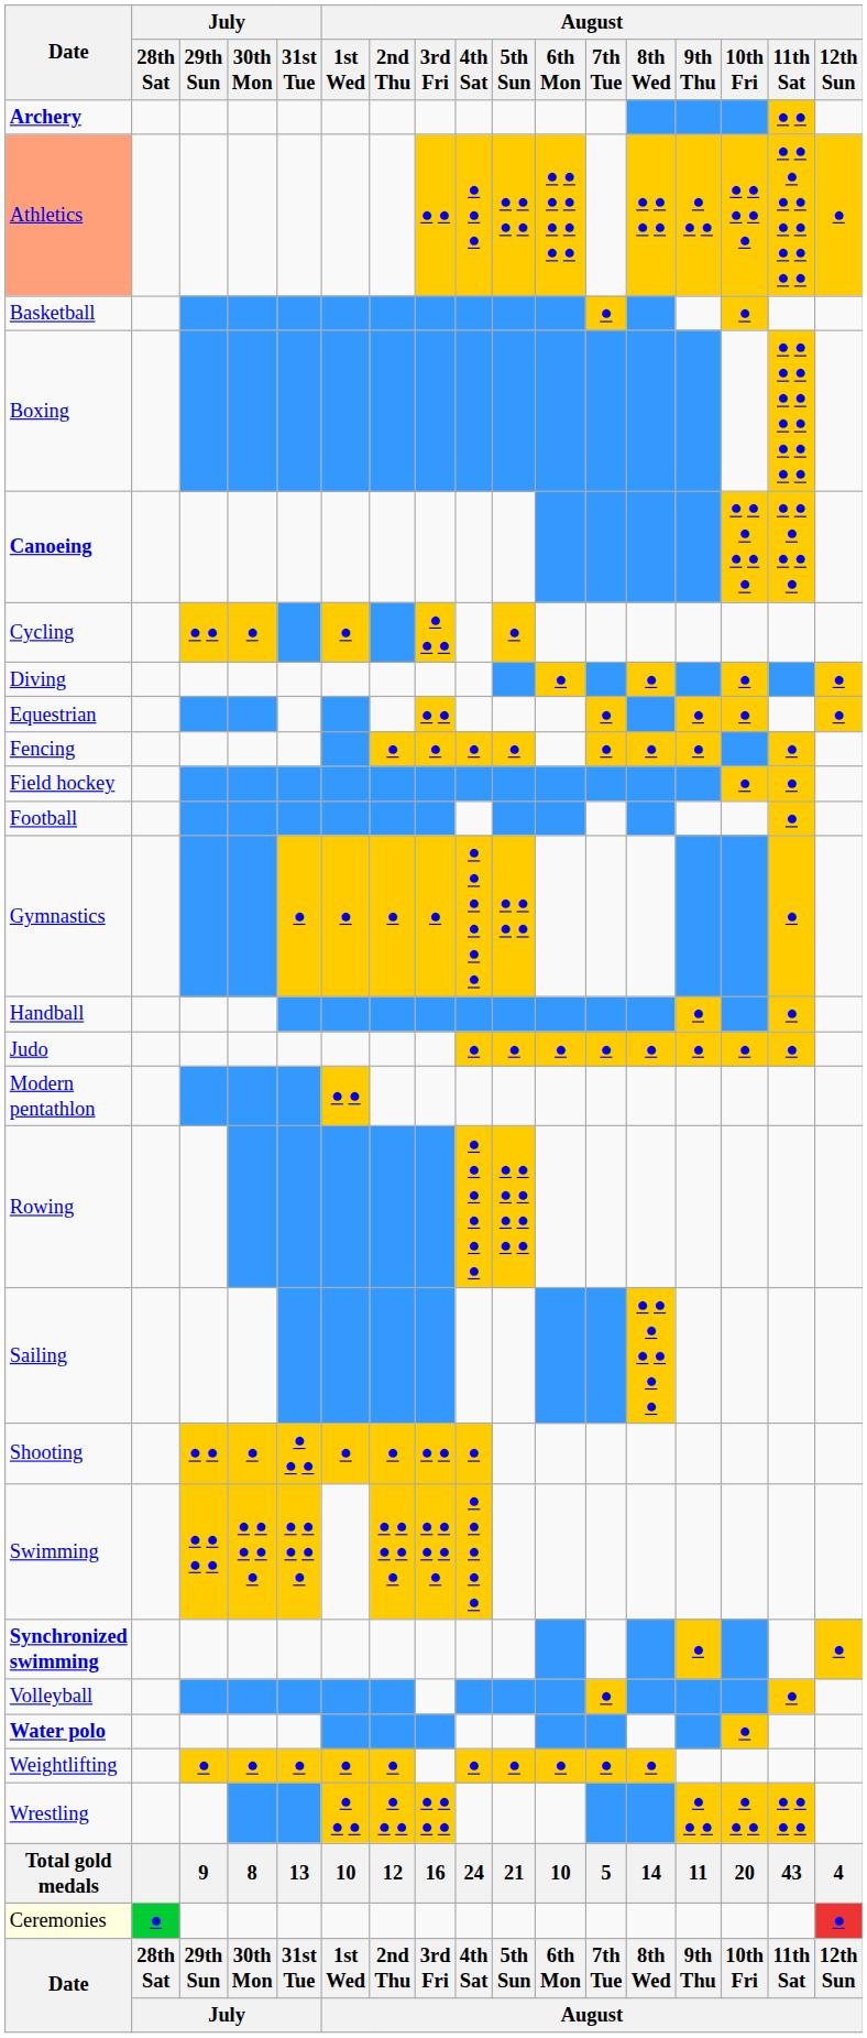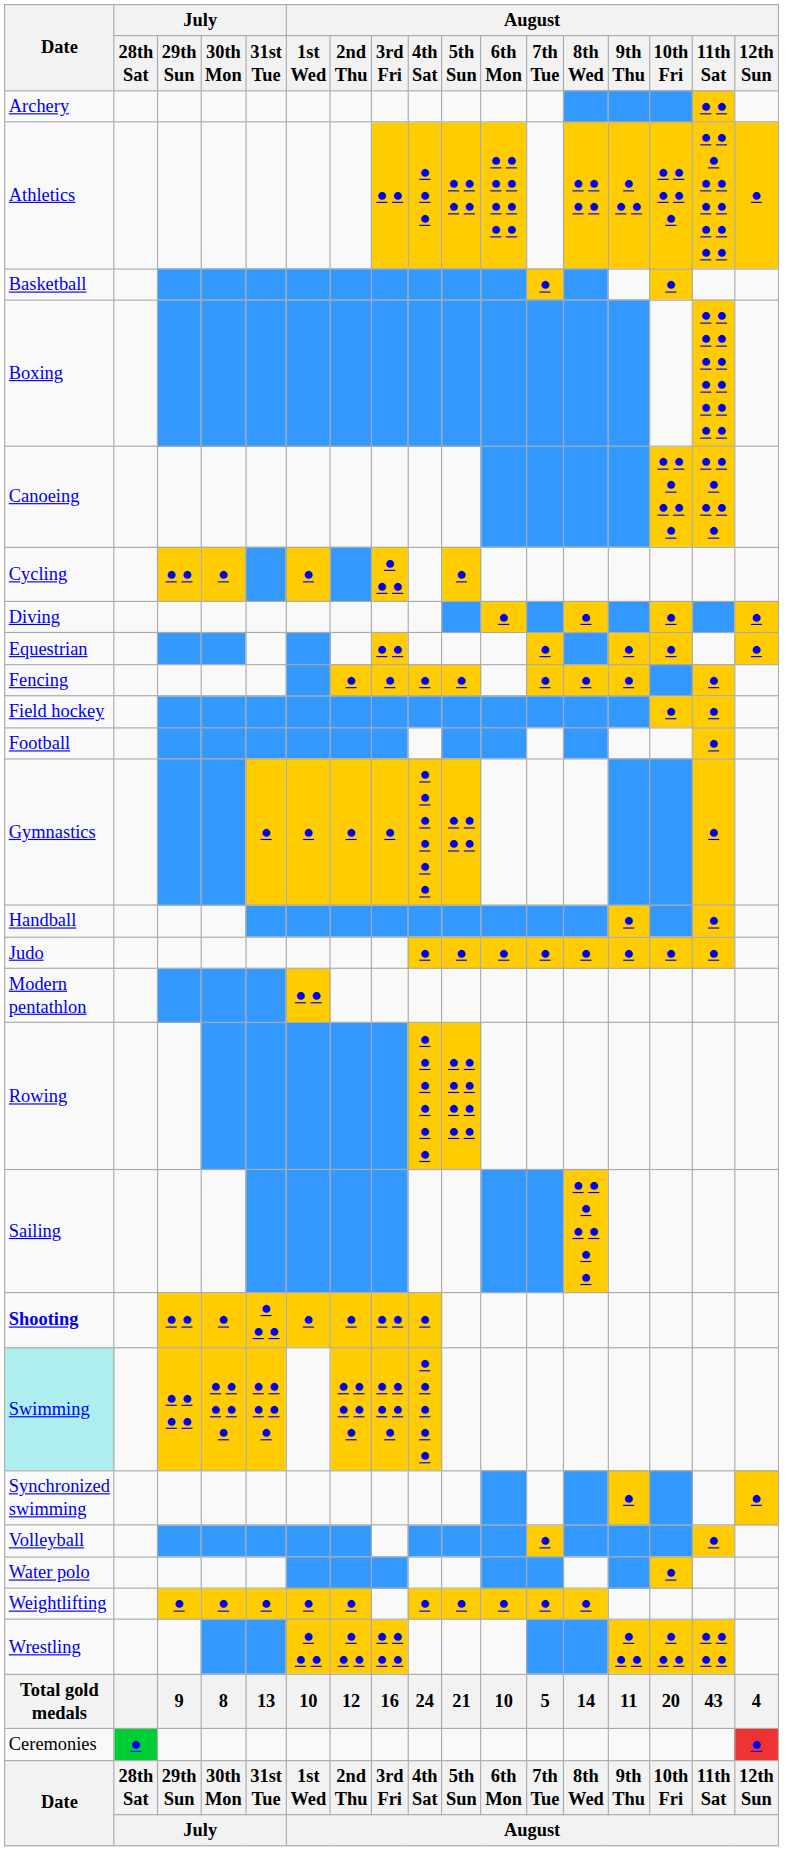 <table class="wikitable" style="margin:0.5em auto; line-height:1.25em;">
 <tr>
 <th rowspan=2>Date</th>
 <th colspan=4>July</th>
 <th colspan=12>August</th>
 </tr>
 <tr>
 <th>28th<br>Sat</th>
 <th>29th<br>Sun</th>
 <th>30th<br>Mon</th>
 <th>31st<br>Tue</th>
 <th>1st<br>Wed</th>
 <th>2nd<br>Thu</th>
 <th>3rd<br>Fri</th>
 <th>4th<br>Sat</th>
 <th>5th<br>Sun</th>
 <th>6th<br>Mon</th>
 <th>7th<br>Tue</th>
 <th>8th<br>Wed</th>
 <th>9th<br>Thu</th>
 <th>10th<br>Fri</th>
 <th>11th<br>Sat</th>
 <th>12th<br>Sun</th>
 </tr>
 <tr align="center">
-<td align="left"><strong><a href='#'>Archery</a></strong></td>
+<td align="left"><a href='#'>Archery</a></td>
 <td></td>
 <td></td>
 <td></td>
 <td></td>
 <td></td>
 <td></td>
 <td></td>
 <td></td>
 <td></td>
 <td></td>
 <td></td>
 <td bgcolor=#3399ff></td>
 <td bgcolor=#3399ff></td>
 <td bgcolor=#3399ff></td>
 <td bgcolor=#ffcc00><a href='#'>●</a> <a href='#'>●</a></td>
 <td></td>
 </tr>
 <tr align="center">
-<td align="left" style="background: lightsalmon;"><a href='#'>Athletics</a></td>
+<td align="left"><a href='#'>Athletics</a></td>
 <td></td>
 <td></td>
 <td></td>
 <td></td>
 <td></td>
 <td></td>
 <td bgcolor=#ffcc00><a href='#'>●</a> <a href='#'>●</a></td>
 <td bgcolor=#ffcc00><span><a href='#'>●</a><br><a href='#'>●</a> <a href='#'>●</a></span></td>
 <td bgcolor=#ffcc00><span><a href='#'>●</a> <a href='#'>●</a> <br> <a href='#'>●</a> <a href='#'>●</a></span></td>
 <td bgcolor=#ffcc00><span><a href='#'>●</a> <a href='#'>●</a> <a href='#'>●</a> <a href='#'>●</a> <br><a href='#'>●</a> <a href='#'>●</a> <a href='#'>●</a> <a href='#'>●</a></span></td>
 <td></td>
 <td bgcolor=#ffcc00><span><a href='#'>●</a> <a href='#'>●</a><br><a href='#'>●</a> <a href='#'>●</a></span></td>
 <td bgcolor=#ffcc00><span><a href='#'>●</a><br><a href='#'>●</a> <a href='#'>●</a></span></td>
 <td bgcolor=#ffcc00><span><a href='#'>●</a> <a href='#'>●</a><br><a href='#'>●</a> <a href='#'>●</a> <a href='#'>●</a></span></td>
 <td bgcolor=#ffcc00><span><a href='#'>●</a> <a href='#'>●</a> <a href='#'>●</a><br><a href='#'>●</a> <a href='#'>●</a> <a href='#'>●</a> <a href='#'>●</a><br><a href='#'>●</a> <a href='#'>●</a> <a href='#'>●</a> <a href='#'>●</a></span></td>
 <td bgcolor=#ffcc00><a href='#'>●</a></td>
 </tr>
 <tr align="center">
 <td align="left"><a href='#'>Basketball</a></td>
 <td></td>
 <td bgcolor=#3399ff></td>
 <td bgcolor=#3399ff></td>
 <td bgcolor=#3399ff></td>
 <td bgcolor=#3399ff></td>
 <td bgcolor=#3399ff></td>
 <td bgcolor=#3399ff></td>
 <td bgcolor=#3399ff></td>
 <td bgcolor=#3399ff></td>
 <td bgcolor=#3399ff></td>
 <td bgcolor=#ffcc00><a href='#'>●</a></td>
 <td bgcolor=#3399ff></td>
 <td></td>
 <td bgcolor=#ffcc00><a href='#'>●</a></td>
 <td></td>
 <td></td>
 </tr>
 <tr align="center">
 <td align="left"><a href='#'>Boxing</a></td>
 <td></td>
 <td bgcolor=#3399ff></td>
 <td bgcolor=#3399ff></td>
 <td bgcolor=#3399ff></td>
 <td bgcolor=#3399ff></td>
 <td bgcolor=#3399ff></td>
 <td bgcolor=#3399ff></td>
 <td bgcolor=#3399ff></td>
 <td bgcolor=#3399ff></td>
 <td bgcolor=#3399ff></td>
 <td bgcolor=#3399ff></td>
 <td bgcolor=#3399ff></td>
 <td bgcolor=#3399ff></td>
 <td></td>
 <td bgcolor=#ffcc00><span><a href='#'>●</a> <a href='#'>●</a> <a href='#'>●</a> <a href='#'>●</a><br><a href='#'>●</a> <a href='#'>●</a> <a href='#'>●</a> <a href='#'>●</a><br><a href='#'>●</a> <a href='#'>●</a> <a href='#'>●</a> <a href='#'>●</a></span></td>
 <td></td>
 </tr>
 <tr align="center">
-<td align="left"><strong><a href='#'>Canoeing</a></strong></td>
+<td align="left"><a href='#'>Canoeing</a></td>
 <td></td>
 <td></td>
 <td></td>
 <td></td>
 <td></td>
 <td></td>
 <td></td>
 <td></td>
 <td></td>
 <td bgcolor=#3399ff></td>
 <td bgcolor=#3399ff></td>
 <td bgcolor=#3399ff></td>
 <td bgcolor=#3399ff></td>
 <td bgcolor=#ffcc00><span><a href='#'>●</a> <a href='#'>●</a> <a href='#'>●</a><br><a href='#'>●</a> <a href='#'>●</a> <a href='#'>●</a></span></td>
 <td bgcolor=#ffcc00><span><a href='#'>●</a> <a href='#'>●</a> <a href='#'>●</a><br><a href='#'>●</a> <a href='#'>●</a> <a href='#'>●</a></span></td>
 <td></td>
 </tr>
 <tr align="center">
 <td align="left"><a href='#'>Cycling</a></td>
 <td></td>
 <td bgcolor=#ffcc00><a href='#'>●</a> <a href='#'>●</a></td>
 <td bgcolor=#ffcc00><a href='#'>●</a></td>
 <td bgcolor=#3399ff></td>
 <td bgcolor=#ffcc00><a href='#'>●</a></td>
 <td bgcolor=#3399ff></td>
 <td bgcolor=#ffcc00><span><a href='#'>●</a><br><a href='#'>●</a> <a href='#'>●</a></span></td>
 <td></td>
 <td bgcolor=#ffcc00><a href='#'>●</a></td>
 <td></td>
 <td></td>
 <td></td>
 <td></td>
 <td></td>
 <td></td>
 <td></td>
 </tr>
 <tr align="center">
 <td align="left"><a href='#'>Diving</a></td>
 <td></td>
 <td></td>
 <td></td>
 <td></td>
 <td></td>
 <td></td>
 <td></td>
 <td></td>
 <td bgcolor=#3399ff></td>
 <td bgcolor=#ffcc00><a href='#'>●</a></td>
 <td bgcolor=#3399ff></td>
 <td bgcolor=#ffcc00><a href='#'>●</a></td>
 <td bgcolor=#3399ff></td>
 <td bgcolor=#ffcc00><a href='#'>●</a></td>
 <td bgcolor=#3399ff></td>
 <td bgcolor=#ffcc00><a href='#'>●</a></td>
 </tr>
 <tr align="center">
 <td align="left"><a href='#'>Equestrian</a></td>
 <td></td>
 <td bgcolor=#3399ff></td>
 <td bgcolor=#3399ff></td>
 <td></td>
 <td bgcolor=#3399ff></td>
 <td></td>
 <td bgcolor=#ffcc00><a href='#'>●</a> <a href='#'>●</a></td>
 <td></td>
 <td></td>
 <td></td>
 <td bgcolor=#ffcc00><a href='#'>●</a></td>
 <td bgcolor=#3399ff></td>
 <td bgcolor=#ffcc00><a href='#'>●</a></td>
 <td bgcolor=#ffcc00><a href='#'>●</a></td>
 <td></td>
 <td bgcolor=#ffcc00><a href='#'>●</a></td>
 </tr>
 <tr align="center">
 <td align="left"><a href='#'>Fencing</a></td>
 <td></td>
 <td></td>
 <td></td>
 <td></td>
 <td bgcolor=#3399ff></td>
 <td bgcolor=#ffcc00><a href='#'>●</a></td>
 <td bgcolor=#ffcc00><a href='#'>●</a></td>
 <td bgcolor=#ffcc00><a href='#'>●</a></td>
 <td bgcolor=#ffcc00><a href='#'>●</a></td>
 <td></td>
 <td bgcolor=#ffcc00><a href='#'>●</a></td>
 <td bgcolor=#ffcc00><a href='#'>●</a></td>
 <td bgcolor=#ffcc00><a href='#'>●</a></td>
 <td bgcolor=#3399ff></td>
 <td bgcolor=#ffcc00><a href='#'>●</a></td>
 <td></td>
 </tr>
 <tr align="center">
 <td align="left"><a href='#'>Field hockey</a></td>
 <td></td>
 <td bgcolor=#3399ff></td>
 <td bgcolor=#3399ff></td>
 <td bgcolor=#3399ff></td>
 <td bgcolor=#3399ff></td>
 <td bgcolor=#3399ff></td>
 <td bgcolor=#3399ff></td>
 <td bgcolor=#3399ff></td>
 <td bgcolor=#3399ff></td>
 <td bgcolor=#3399ff></td>
 <td bgcolor=#3399ff></td>
 <td bgcolor=#3399ff></td>
 <td bgcolor=#3399ff></td>
 <td bgcolor=#ffcc00><a href='#'>●</a></td>
 <td bgcolor=#ffcc00><a href='#'>●</a></td>
 <td></td>
 </tr>
 <tr align="center">
 <td align="left"><a href='#'>Football</a></td>
 <td></td>
 <td bgcolor=#3399ff></td>
 <td bgcolor=#3399ff></td>
 <td bgcolor=#3399ff></td>
 <td bgcolor=#3399ff></td>
 <td bgcolor=#3399ff></td>
 <td bgcolor=#3399ff></td>
 <td></td>
 <td bgcolor=#3399ff></td>
 <td bgcolor=#3399ff></td>
 <td></td>
 <td bgcolor=#3399ff></td>
 <td></td>
 <td></td>
 <td bgcolor=#ffcc00><a href='#'>●</a></td>
 <td></td>
 </tr>
 <tr align="center">
 <td align="left"><a href='#'>Gymnastics</a></td>
 <td></td>
 <td bgcolor=#3399ff></td>
 <td bgcolor=#3399ff></td>
 <td bgcolor=#ffcc00><a href='#'>●</a></td>
 <td bgcolor=#ffcc00><a href='#'>●</a></td>
 <td bgcolor=#ffcc00><a href='#'>●</a></td>
 <td bgcolor=#ffcc00><a href='#'>●</a></td>
 <td bgcolor=#ffcc00><span><a href='#'>●</a> <a href='#'>●</a> <a href='#'>●</a><br><a href='#'>●</a> <a href='#'>●</a> <a href='#'>●</a></span></td>
 <td bgcolor=#ffcc00><span><a href='#'>●</a> <a href='#'>●</a><br><a href='#'>●</a> <a href='#'>●</a></span></td>
 <td></td>
 <td></td>
 <td></td>
 <td bgcolor=#3399ff></td>
 <td bgcolor=#3399ff></td>
 <td bgcolor=#ffcc00><a href='#'>●</a></td>
 <td></td>
 </tr>
 <tr align="center">
 <td align="left"><a href='#'>Handball</a></td>
 <td></td>
 <td></td>
 <td></td>
 <td bgcolor=#3399ff></td>
 <td bgcolor=#3399ff></td>
 <td bgcolor=#3399ff></td>
 <td bgcolor=#3399ff></td>
 <td bgcolor=#3399ff></td>
 <td bgcolor=#3399ff></td>
 <td bgcolor=#3399ff></td>
 <td bgcolor=#3399ff></td>
 <td bgcolor=#3399ff></td>
 <td bgcolor=#ffcc00><a href='#'>●</a></td>
 <td bgcolor=#3399ff></td>
 <td bgcolor=#ffcc00><a href='#'>●</a></td>
 <td></td>
 </tr>
 <tr align="center">
 <td align="left"><a href='#'>Judo</a></td>
 <td></td>
 <td></td>
 <td></td>
 <td></td>
 <td></td>
 <td></td>
 <td></td>
 <td bgcolor=#ffcc00><a href='#'>●</a></td>
 <td bgcolor=#ffcc00><a href='#'>●</a></td>
 <td bgcolor=#ffcc00><a href='#'>●</a></td>
 <td bgcolor=#ffcc00><a href='#'>●</a></td>
 <td bgcolor=#ffcc00><a href='#'>●</a></td>
 <td bgcolor=#ffcc00><a href='#'>●</a></td>
 <td bgcolor=#ffcc00><a href='#'>●</a></td>
 <td bgcolor=#ffcc00><a href='#'>●</a></td>
 <td></td>
 </tr>
 <tr align="center">
 <td align="left"><a href='#'>Modern pentathlon</a></td>
 <td></td>
 <td bgcolor=#3399ff></td>
 <td bgcolor=#3399ff></td>
 <td bgcolor=#3399ff></td>
 <td bgcolor=#ffcc00><a href='#'>●</a> <a href='#'>●</a></td>
 <td></td>
 <td></td>
 <td></td>
 <td></td>
 <td></td>
 <td></td>
 <td></td>
 <td></td>
 <td></td>
 <td></td>
 <td></td>
 </tr>
 <tr align="center">
 <td align="left"><a href='#'>Rowing</a></td>
 <td></td>
 <td></td>
 <td bgcolor=#3399ff></td>
 <td bgcolor=#3399ff></td>
 <td bgcolor=#3399ff></td>
 <td bgcolor=#3399ff></td>
 <td bgcolor=#3399ff></td>
 <td bgcolor=#ffcc00><span><a href='#'>●</a> <a href='#'>●</a> <a href='#'>●</a><br><a href='#'>●</a> <a href='#'>●</a> <a href='#'>●</a></span></td>
 <td bgcolor=#ffcc00><span><a href='#'>●</a> <a href='#'>●</a> <a href='#'>●</a> <a href='#'>●</a><br><a href='#'>●</a> <a href='#'>●</a> <a href='#'>●</a> <a href='#'>●</a></span></td>
 <td></td>
 <td></td>
 <td></td>
 <td></td>
 <td></td>
 <td></td>
 <td></td>
 </tr>
 <tr align="center">
 <td align="left"><a href='#'>Sailing</a></td>
 <td></td>
 <td></td>
 <td></td>
 <td bgcolor=#3399ff></td>
 <td bgcolor=#3399ff></td>
 <td bgcolor=#3399ff></td>
 <td bgcolor=#3399ff></td>
 <td></td>
 <td></td>
 <td bgcolor=#3399ff></td>
 <td bgcolor=#3399ff></td>
 <td bgcolor=#ffcc00><span><a href='#'>●</a> <a href='#'>●</a> <a href='#'>●</a><br><a href='#'>●</a> <a href='#'>●</a> <a href='#'>●</a><br><a href='#'>●</a></span></td>
 <td></td>
 <td></td>
 <td></td>
 <td></td>
 </tr>
 <tr align="center">
-<td align="left"><a href='#'>Shooting</a></td>
+<td align="left"><strong><a href='#'>Shooting</a></strong></td>
 <td></td>
 <td bgcolor=#ffcc00><a href='#'>●</a> <a href='#'>●</a></td>
 <td bgcolor=#ffcc00><a href='#'>●</a></td>
 <td bgcolor=#ffcc00><span><a href='#'>●</a><br><a href='#'>●</a> <a href='#'>●</a></span></td>
 <td bgcolor=#ffcc00><a href='#'>●</a></td>
 <td bgcolor=#ffcc00><a href='#'>●</a></td>
 <td bgcolor=#ffcc00><a href='#'>●</a> <a href='#'>●</a></td>
 <td bgcolor=#ffcc00><a href='#'>●</a></td>
 <td></td>
 <td></td>
 <td></td>
 <td></td>
 <td></td>
 <td></td>
 <td></td>
 <td></td>
 </tr>
 <tr align="center">
-<td align="left"><a href='#'>Swimming</a></td>
+<td align="left" style="background: paleturquoise;"><a href='#'>Swimming</a></td>
 <td></td>
 <td bgcolor=#ffcc00><span><a href='#'>●</a> <a href='#'>●</a><br><a href='#'>●</a> <a href='#'>●</a></span></td>
 <td bgcolor=#ffcc00><span><a href='#'>●</a> <a href='#'>●</a><br><a href='#'>●</a> <a href='#'>●</a> <a href='#'>●</a></span></td>
 <td bgcolor=#ffcc00><span><a href='#'>●</a> <a href='#'>●</a><br><a href='#'>●</a> <a href='#'>●</a> <a href='#'>●</a></span></td>
 <td></td>
 <td bgcolor=#ffcc00><span><a href='#'>●</a> <a href='#'>●</a><br><a href='#'>●</a> <a href='#'>●</a> <a href='#'>●</a></span></td>
 <td bgcolor=#ffcc00><span><a href='#'>●</a> <a href='#'>●</a><br><a href='#'>●</a> <a href='#'>●</a> <a href='#'>●</a></span></td>
 <td bgcolor=#ffcc00><span><a href='#'>●</a> <a href='#'>●</a><br><a href='#'>●</a> <a href='#'>●</a> <a href='#'>●</a></span></td>
 <td></td>
 <td></td>
 <td></td>
 <td></td>
 <td></td>
 <td></td>
 <td></td>
 <td></td>
 </tr>
 <tr align="center">
-<td align="left"><strong><a href='#'>Synchronized swimming</a></strong></td>
+<td align="left"><a href='#'>Synchronized swimming</a></td>
 <td></td>
 <td></td>
 <td></td>
 <td></td>
 <td></td>
 <td></td>
 <td></td>
 <td></td>
 <td></td>
 <td bgcolor=#3399ff></td>
 <td></td>
 <td bgcolor=#3399ff></td>
 <td bgcolor=#ffcc00><a href='#'>●</a></td>
 <td bgcolor=#3399ff></td>
 <td></td>
 <td bgcolor=#ffcc00><a href='#'>●</a></td>
 </tr>
 <tr align="center">
 <td align="left"><a href='#'>Volleyball</a></td>
 <td></td>
 <td bgcolor=#3399ff></td>
 <td bgcolor=#3399ff></td>
 <td bgcolor=#3399ff></td>
 <td bgcolor=#3399ff></td>
 <td bgcolor=#3399ff></td>
 <td></td>
 <td bgcolor=#3399ff></td>
 <td bgcolor=#3399ff></td>
 <td bgcolor=#3399ff></td>
 <td bgcolor=#ffcc00><a href='#'>●</a></td>
 <td bgcolor=#3399ff></td>
 <td bgcolor=#3399ff></td>
 <td bgcolor=#3399ff></td>
 <td bgcolor=#ffcc00><a href='#'>●</a></td>
 <td></td>
 </tr>
 <tr align="center">
-<td align="left"><strong><a href='#'>Water polo</a></strong></td>
+<td align="left"><a href='#'>Water polo</a></td>
 <td></td>
 <td></td>
 <td></td>
 <td></td>
 <td bgcolor=#3399ff></td>
 <td bgcolor=#3399ff></td>
 <td bgcolor=#3399ff></td>
 <td></td>
 <td></td>
 <td bgcolor=#3399ff></td>
 <td bgcolor=#3399ff></td>
 <td></td>
 <td bgcolor=#3399ff></td>
 <td bgcolor=#ffcc00><a href='#'>●</a></td>
 <td></td>
 <td></td>
 </tr>
 <tr align="center">
 <td align="left"><a href='#'>Weightlifting</a></td>
 <td></td>
 <td bgcolor=#ffcc00><a href='#'>●</a></td>
 <td bgcolor=#ffcc00><a href='#'>●</a></td>
 <td bgcolor=#ffcc00><a href='#'>●</a></td>
 <td bgcolor=#ffcc00><a href='#'>●</a></td>
 <td bgcolor=#ffcc00><a href='#'>●</a></td>
 <td></td>
 <td bgcolor=#ffcc00><a href='#'>●</a></td>
 <td bgcolor=#ffcc00><a href='#'>●</a></td>
 <td bgcolor=#ffcc00><a href='#'>●</a></td>
 <td bgcolor=#ffcc00><a href='#'>●</a></td>
 <td bgcolor=#ffcc00><a href='#'>●</a></td>
 <td></td>
 <td></td>
 <td></td>
 <td></td>
 </tr>
 <tr align="center">
 <td align="left"><a href='#'>Wrestling</a></td>
 <td></td>
 <td></td>
 <td bgcolor=#3399ff></td>
 <td bgcolor=#3399ff></td>
 <td bgcolor=#ffcc00><span><a href='#'>●</a><br><a href='#'>●</a> <a href='#'>●</a></span></td>
 <td bgcolor=#ffcc00><span><a href='#'>●</a><br><a href='#'>●</a> <a href='#'>●</a></span></td>
 <td bgcolor=#ffcc00><span><a href='#'>●</a> <a href='#'>●</a><br><a href='#'>●</a> <a href='#'>●</a></span></td>
 <td></td>
 <td></td>
 <td></td>
 <td bgcolor=#3399ff></td>
 <td bgcolor=#3399ff></td>
 <td bgcolor=#ffcc00><span><a href='#'>●</a><br><a href='#'>●</a> <a href='#'>●</a></span></td>
 <td bgcolor=#ffcc00><span><a href='#'>●</a><br><a href='#'>●</a> <a href='#'>●</a></span></td>
 <td bgcolor=#ffcc00><span><a href='#'>●</a> <a href='#'>●</a><br><a href='#'>●</a> <a href='#'>●</a></span></td>
 <td></td>
 </tr>
 <tr>
 <th>Total gold medals</th>
 <th></th>
 <th>9</th>
 <th>8</th>
 <th>13</th>
 <th>10</th>
 <th>12</th>
 <th>16</th>
 <th>24</th>
 <th>21</th>
 <th>10</th>
 <th>5</th>
 <th>14</th>
 <th>11</th>
 <th>20</th>
 <th>43</th>
 <th>4</th>
 </tr>
 <tr>
-<td style="background: lightyellow;">Ceremonies</td>
+<td>Ceremonies</td>
 <td bgcolor=#00cc33 align=center><a href='#'>●</a></td>
 <td></td>
 <td></td>
 <td></td>
 <td></td>
 <td></td>
 <td></td>
 <td></td>
 <td></td>
 <td></td>
 <td></td>
 <td></td>
 <td></td>
 <td></td>
 <td></td>
 <td bgcolor=#ee3333 align=center><a href='#'>●</a></td>
 </tr>
 <tr>
 <th rowspan=2>Date</th>
 <th>28th<br>Sat</th>
 <th>29th<br>Sun</th>
 <th>30th<br>Mon</th>
 <th>31st<br>Tue</th>
 <th>1st<br>Wed</th>
 <th>2nd<br>Thu</th>
 <th>3rd<br>Fri</th>
 <th>4th<br>Sat</th>
 <th>5th<br>Sun</th>
 <th>6th<br>Mon</th>
 <th>7th<br>Tue</th>
 <th>8th<br>Wed</th>
 <th>9th<br>Thu</th>
 <th>10th<br>Fri</th>
 <th>11th<br>Sat</th>
 <th>12th<br>Sun</th>
 </tr>
 <tr>
 <th colspan=4>July</th>
 <th colspan=12>August</th>
 </tr>
 </table>
